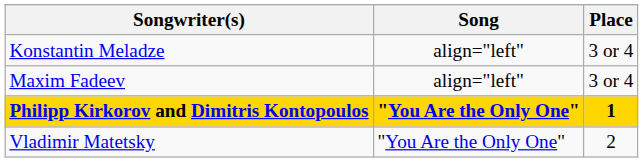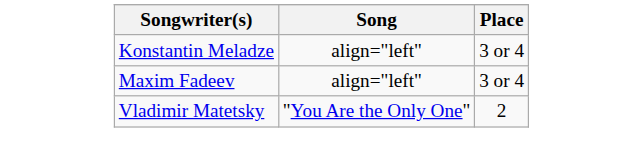 <table class="wikitable plainrowheaders" style="margin: 1em auto 1em auto; text-align:center">
 <tr>
 </tr>
 <tr>
 <th scope="col">Songwriter(s)</th>
 <th scope="col">Song</th>
 <th scope="col">Place</th>
 </tr>
 <tr>
 <td align="left"><a href='#'>Konstantin Meladze</a></td>
 <td>align="left" </td>
 <td>3 or 4</td>
 </tr>
 <tr>
 <td align="left"><a href='#'>Maxim Fadeev</a></td>
 <td>align="left" </td>
 <td>3 or 4</td>
 </tr>
-<tr style="font-weight:bold; background:gold;">
-<td align="left"><a href='#'>Philipp Kirkorov</a> and <a href='#'>Dimitris Kontopoulos</a></td>
-<td align="left">"<a href='#'>You Are the Only One</a>"</td>
-<td>1</td>
-</tr>
 <tr>
 <td align="left"><a href='#'>Vladimir Matetsky</a></td>
 <td align="left">"<a href='#'>You Are the Only One</a>"</td>
 <td>2</td>
 </tr>
 </table>
